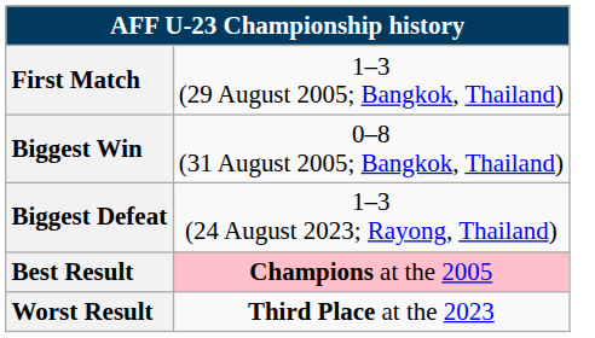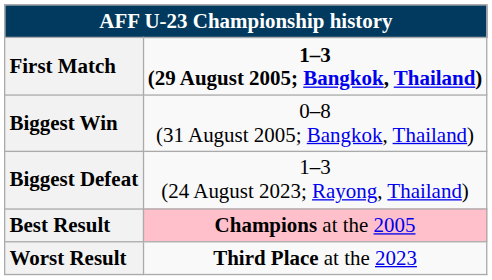 <table class="wikitable" style="text-align: center; font-size:100%">
 <tr>
 <th colspan="6" style="background: #013A5E; color: #FFFFFF;">AFF U-23 Championship history</th>
 </tr>
 <tr>
 <th style="text-align: left;">First Match</th>
-<td align=center> 1–3 <br>(29 August 2005; <a href='#'>Bangkok</a>, <a href='#'>Thailand</a>)</td>
+<td align=center><strong> 1–3 <br>(29 August 2005; <a href='#'>Bangkok</a>, <a href='#'>Thailand</a>)</strong></td>
 </tr>
 <tr>
 <th style="text-align: left;">Biggest Win</th>
 <td align=center> 0–8 <br>(31 August 2005; <a href='#'>Bangkok</a>, <a href='#'>Thailand</a>)</td>
 </tr>
 <tr>
 <th style="text-align: left;">Biggest Defeat</th>
 <td align=center> 1–3 <br>(24 August 2023; <a href='#'>Rayong</a>, <a href='#'>Thailand</a>)</td>
 </tr>
 <tr>
 <th style="text-align: left;">Best Result</th>
 <td style="background: pink;"><strong>Champions</strong> at the <a href='#'>2005</a></td>
 </tr>
 <tr>
 <th style="text-align: left;">Worst Result</th>
 <td><strong>Third Place</strong> at the <a href='#'>2023</a></td>
 </tr>
 </table>
